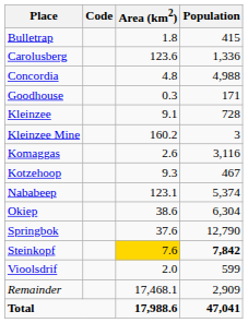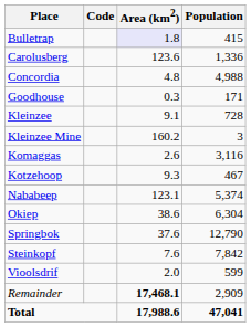 <table class="wikitable sortable">
 <tr>
 <th>Place</th>
 <th>Code</th>
 <th>Area (km<sup>2</sup>)</th>
 <th>Population</th>
 </tr>
 <tr>
 <td><a href='#'>Bulletrap</a></td>
 <td></td>
-<td align=right>1.8</td>
+<td align=right style="background: lavender;">1.8</td>
 <td align=right>415</td>
 </tr>
 <tr>
 <td><a href='#'>Carolusberg</a></td>
 <td></td>
 <td align=right>123.6</td>
 <td align=right>1,336</td>
 </tr>
 <tr>
 <td><a href='#'>Concordia</a></td>
 <td></td>
 <td align=right>4.8</td>
 <td align=right>4,988</td>
 </tr>
 <tr>
 <td><a href='#'>Goodhouse</a></td>
 <td></td>
 <td align=right>0.3</td>
 <td align=right>171</td>
 </tr>
 <tr>
 <td><a href='#'>Kleinzee</a></td>
 <td></td>
 <td align=right>9.1</td>
 <td align=right>728</td>
 </tr>
 <tr>
 <td><a href='#'>Kleinzee Mine</a></td>
 <td></td>
 <td align=right>160.2</td>
 <td align=right>3</td>
 </tr>
 <tr>
 <td><a href='#'>Komaggas</a></td>
 <td></td>
 <td align=right>2.6</td>
 <td align=right>3,116</td>
 </tr>
 <tr>
 <td><a href='#'>Kotzehoop</a></td>
 <td></td>
 <td align=right>9.3</td>
 <td align=right>467</td>
 </tr>
 <tr>
 <td><a href='#'>Nababeep</a></td>
 <td></td>
 <td align=right>123.1</td>
 <td align=right>5,374</td>
 </tr>
 <tr>
 <td><a href='#'>Okiep</a></td>
 <td></td>
 <td align=right>38.6</td>
 <td align=right>6,304</td>
 </tr>
 <tr>
 <td><a href='#'>Springbok</a></td>
 <td></td>
 <td align=right>37.6</td>
 <td align=right>12,790</td>
 </tr>
 <tr>
 <td><a href='#'>Steinkopf</a></td>
 <td></td>
-<td align=right style="background: gold;">7.6</td>
-<td align=right><strong>7,842</strong></td>
+<td align=right>7.6</td>
+<td align=right>7,842</td>
 </tr>
 <tr>
 <td><a href='#'>Vioolsdrif</a></td>
 <td></td>
 <td align=right>2.0</td>
 <td align=right>599</td>
 </tr>
 <tr>
 <td><em>Remainder</em></td>
 <td></td>
-<td align=right>17,468.1</td>
+<td align=right><strong>17,468.1</strong></td>
 <td align=right>2,909</td>
 </tr>
 <tr class=sortbottom>
 <td colspan=2><strong>Total</strong></td>
 <td align=right><strong>17,988.6</strong></td>
 <td align=right><strong>47,041</strong></td>
 </tr>
 </table>
